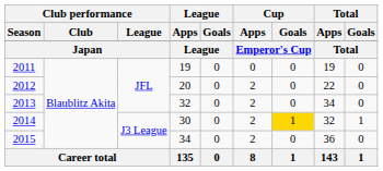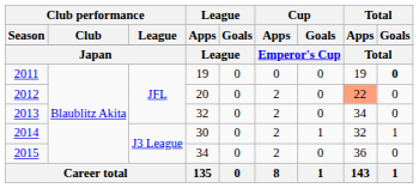 <table class="wikitable" style="text-align:center">
 <tr>
 <th colspan=3>Club performance</th>
 <th colspan=2>League</th>
 <th colspan=2>Cup</th>
 <th colspan=2>Total</th>
 </tr>
 <tr>
 <th>Season</th>
 <th>Club</th>
 <th>League</th>
 <th>Apps</th>
 <th>Goals</th>
 <th>Apps</th>
 <th>Goals</th>
 <th>Apps</th>
 <th>Goals</th>
 </tr>
 <tr>
 </tr>
 <tr>
 <th colspan=3>Japan</th>
 <th colspan=2>League</th>
 <th colspan=2><a href='#'>Emperor's Cup</a></th>
 <th colspan=2>Total</th>
 </tr>
 <tr>
 <td><a href='#'>2011</a></td>
 <td rowspan="5"><a href='#'>Blaublitz Akita</a></td>
 <td rowspan="3"><a href='#'>JFL</a></td>
 <td>19</td>
 <td>0</td>
 <td>0</td>
 <td>0</td>
 <td>19</td>
-<td>0</td>
+<td><strong>0</strong></td>
 </tr>
 <tr>
 <td><a href='#'>2012</a></td>
 <td>20</td>
 <td>0</td>
 <td>2</td>
 <td>0</td>
-<td>22</td>
+<td style="background: lightsalmon;">22</td>
 <td>0</td>
 </tr>
 <tr>
 <td><a href='#'>2013</a></td>
 <td>32</td>
 <td>0</td>
 <td>2</td>
 <td>0</td>
 <td>34</td>
 <td>0</td>
 </tr>
 <tr>
 <td><a href='#'>2014</a></td>
 <td rowspan="2"><a href='#'>J3 League</a></td>
 <td>30</td>
 <td>0</td>
 <td>2</td>
-<td style="background: gold;">1</td>
+<td>1</td>
 <td>32</td>
 <td>1</td>
 </tr>
 <tr>
 <td><a href='#'>2015</a></td>
 <td>34</td>
 <td>0</td>
 <td>2</td>
 <td>0</td>
 <td>36</td>
 <td>0</td>
 </tr>
 <tr>
 <th colspan=3>Career total</th>
 <th>135</th>
 <th>0</th>
 <th>8</th>
 <th>1</th>
 <th>143</th>
 <th>1</th>
 </tr>
 </table>
